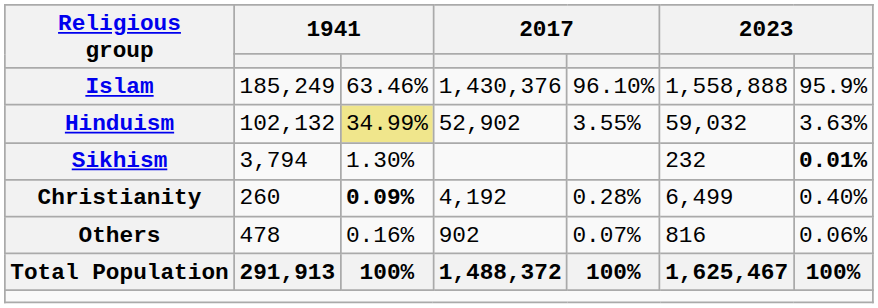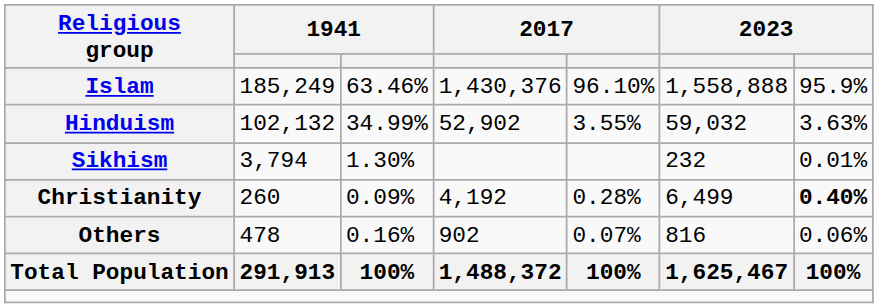 <table class="wikitable sortable">
 <tr>
 <th rowspan="2"><a href='#'>Religious</a><br>group</th>
 <th colspan="2">1941</th>
 <th colspan="2">2017</th>
 <th colspan="2">2023</th>
 </tr>
 <tr>
 <th><a href='#'></a></th>
 <th></th>
 <th></th>
 <th></th>
 <th></th>
 <th></th>
 </tr>
 <tr>
 <th><a href='#'>Islam</a> </th>
 <td>185,249</td>
 <td>63.46%</td>
 <td>1,430,376</td>
 <td>96.10%</td>
 <td>1,558,888</td>
 <td>95.9%</td>
 </tr>
 <tr>
 <th><a href='#'>Hinduism</a> </th>
 <td>102,132</td>
-<td style="background: khaki;">34.99%</td>
+<td>34.99%</td>
 <td>52,902</td>
 <td>3.55%</td>
 <td>59,032</td>
 <td>3.63%</td>
 </tr>
 <tr>
 <th><a href='#'>Sikhism</a> </th>
 <td>3,794</td>
 <td>1.30%</td>
 <td></td>
 <td></td>
 <td>232</td>
-<td><strong>0.01%</strong></td>
+<td>0.01%</td>
 </tr>
 <tr>
 <th>Christianity </th>
 <td>260</td>
-<td><strong>0.09%</strong></td>
+<td>0.09%</td>
 <td>4,192</td>
 <td>0.28%</td>
 <td>6,499</td>
-<td>0.40%</td>
+<td><strong>0.40%</strong></td>
 </tr>
 <tr>
 <th>Others </th>
 <td>478</td>
 <td>0.16%</td>
 <td>902</td>
 <td>0.07%</td>
 <td>816</td>
 <td>0.06%</td>
 </tr>
 <tr>
 <th>Total Population</th>
 <th>291,913</th>
 <th>100%</th>
 <th>1,488,372</th>
 <th>100%</th>
 <th>1,625,467</th>
 <th>100%</th>
 </tr>
 <tr class="sortbottom">
 <td colspan="7"></td>
 </tr>
 </table>
